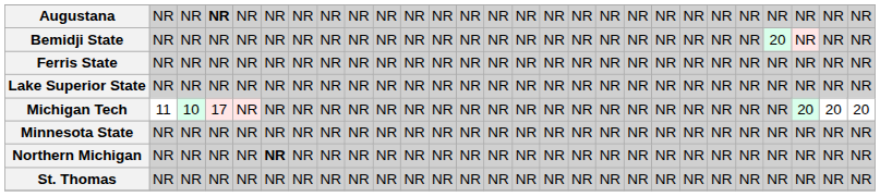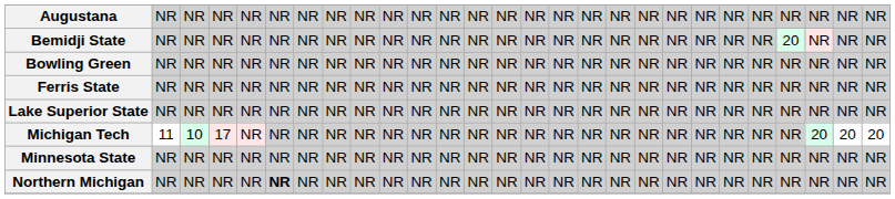 <table class="wikitable sortable" style="text-align: center;">
 <tr>
 </tr>
 <tr bgcolor=d0d0d0>
 <th>Augustana</th>
 <td>NR</td>
 <td>NR</td>
-<td><strong>NR</strong></td>
+<td>NR</td>
 <td>NR</td>
 <td>NR</td>
 <td>NR</td>
 <td>NR</td>
 <td>NR</td>
 <td>NR</td>
 <td>NR</td>
 <td>NR</td>
 <td>NR</td>
 <td>NR</td>
 <td>NR</td>
 <td>NR</td>
 <td>NR</td>
 <td>NR</td>
 <td>NR</td>
 <td>NR</td>
 <td>NR</td>
 <td>NR</td>
 <td>NR</td>
 <td>NR</td>
 <td>NR</td>
 <td>NR</td>
 <td>NR</td>
 </tr>
 <tr bgcolor=d0d0d0>
 <th>Bemidji State</th>
 <td>NR</td>
 <td>NR</td>
 <td>NR</td>
 <td>NR</td>
 <td>NR</td>
 <td>NR</td>
 <td>NR</td>
 <td>NR</td>
 <td>NR</td>
 <td>NR</td>
 <td>NR</td>
 <td>NR</td>
 <td>NR</td>
 <td>NR</td>
 <td>NR</td>
 <td>NR</td>
 <td>NR</td>
 <td>NR</td>
 <td>NR</td>
 <td>NR</td>
 <td>NR</td>
 <td>NR</td>
 <td bgcolor=D8FFEB>20</td>
 <td bgcolor=FFE6E6>NR</td>
+<td>NR</td>
+<td>NR</td>
+</tr>
+<tr bgcolor=d0d0d0>
+<th>Bowling Green</th>
+<td>NR</td>
+<td>NR</td>
+<td>NR</td>
+<td>NR</td>
+<td>NR</td>
+<td>NR</td>
+<td>NR</td>
+<td>NR</td>
+<td>NR</td>
+<td>NR</td>
+<td>NR</td>
+<td>NR</td>
+<td>NR</td>
+<td>NR</td>
+<td>NR</td>
+<td>NR</td>
+<td>NR</td>
+<td>NR</td>
+<td>NR</td>
+<td>NR</td>
+<td>NR</td>
+<td>NR</td>
+<td>NR</td>
+<td>NR</td>
 <td>NR</td>
 <td>NR</td>
 </tr>
 <tr bgcolor=d0d0d0>
 <th>Ferris State</th>
 <td>NR</td>
 <td>NR</td>
 <td>NR</td>
 <td>NR</td>
 <td>NR</td>
 <td>NR</td>
 <td>NR</td>
 <td>NR</td>
 <td>NR</td>
 <td>NR</td>
 <td>NR</td>
 <td>NR</td>
 <td>NR</td>
 <td>NR</td>
 <td>NR</td>
 <td>NR</td>
 <td>NR</td>
 <td>NR</td>
 <td>NR</td>
 <td>NR</td>
 <td>NR</td>
 <td>NR</td>
 <td>NR</td>
 <td>NR</td>
 <td>NR</td>
 <td>NR</td>
 </tr>
 <tr bgcolor=d0d0d0>
 <th>Lake Superior State</th>
 <td>NR</td>
 <td>NR</td>
 <td>NR</td>
 <td>NR</td>
 <td>NR</td>
 <td>NR</td>
 <td>NR</td>
 <td>NR</td>
 <td>NR</td>
 <td>NR</td>
 <td>NR</td>
 <td>NR</td>
 <td>NR</td>
 <td>NR</td>
 <td>NR</td>
 <td>NR</td>
 <td>NR</td>
 <td>NR</td>
 <td>NR</td>
 <td>NR</td>
 <td>NR</td>
 <td>NR</td>
 <td>NR</td>
 <td>NR</td>
 <td>NR</td>
 <td>NR</td>
 </tr>
 <tr bgcolor=d0d0d0>
 <th>Michigan Tech</th>
 <td bgcolor=ffffff>11</td>
 <td bgcolor=D8FFEB>10</td>
 <td bgcolor=FFE6E6>17</td>
 <td bgcolor=FFE6E6>NR</td>
 <td>NR</td>
 <td>NR</td>
 <td>NR</td>
 <td>NR</td>
 <td>NR</td>
 <td>NR</td>
 <td>NR</td>
 <td>NR</td>
 <td>NR</td>
 <td>NR</td>
 <td>NR</td>
 <td>NR</td>
 <td>NR</td>
 <td>NR</td>
 <td>NR</td>
 <td>NR</td>
 <td>NR</td>
 <td>NR</td>
 <td>NR</td>
 <td bgcolor=D8FFEB>20</td>
 <td bgcolor=ffffff>20</td>
 <td bgcolor=ffffff>20</td>
 </tr>
 <tr bgcolor=d0d0d0>
 <th>Minnesota State</th>
 <td>NR</td>
 <td>NR</td>
 <td>NR</td>
 <td>NR</td>
 <td>NR</td>
 <td>NR</td>
 <td>NR</td>
 <td>NR</td>
 <td>NR</td>
 <td>NR</td>
 <td>NR</td>
 <td>NR</td>
 <td>NR</td>
 <td>NR</td>
 <td>NR</td>
 <td>NR</td>
 <td>NR</td>
 <td>NR</td>
 <td>NR</td>
 <td>NR</td>
 <td>NR</td>
 <td>NR</td>
 <td>NR</td>
 <td>NR</td>
 <td>NR</td>
 <td>NR</td>
 </tr>
 <tr bgcolor=d0d0d0>
 <th>Northern Michigan</th>
 <td>NR</td>
 <td>NR</td>
 <td>NR</td>
 <td>NR</td>
 <td><strong>NR</strong></td>
 <td>NR</td>
 <td>NR</td>
 <td>NR</td>
 <td>NR</td>
 <td>NR</td>
 <td>NR</td>
 <td>NR</td>
 <td>NR</td>
 <td>NR</td>
 <td>NR</td>
 <td>NR</td>
 <td>NR</td>
 <td>NR</td>
 <td>NR</td>
 <td>NR</td>
 <td>NR</td>
 <td>NR</td>
 <td>NR</td>
 <td>NR</td>
 <td>NR</td>
 <td>NR</td>
 </tr>
-<tr bgcolor=d0d0d0>
-<th>St. Thomas</th>
-<td>NR</td>
-<td>NR</td>
-<td>NR</td>
-<td>NR</td>
-<td>NR</td>
-<td>NR</td>
-<td>NR</td>
-<td>NR</td>
-<td>NR</td>
-<td>NR</td>
-<td>NR</td>
-<td>NR</td>
-<td>NR</td>
-<td>NR</td>
-<td>NR</td>
-<td>NR</td>
-<td>NR</td>
-<td>NR</td>
-<td>NR</td>
-<td>NR</td>
-<td>NR</td>
-<td>NR</td>
-<td>NR</td>
-<td>NR</td>
-<td>NR</td>
-<td>NR</td>
-</tr>
 <tr>
 </tr>
 </table>
